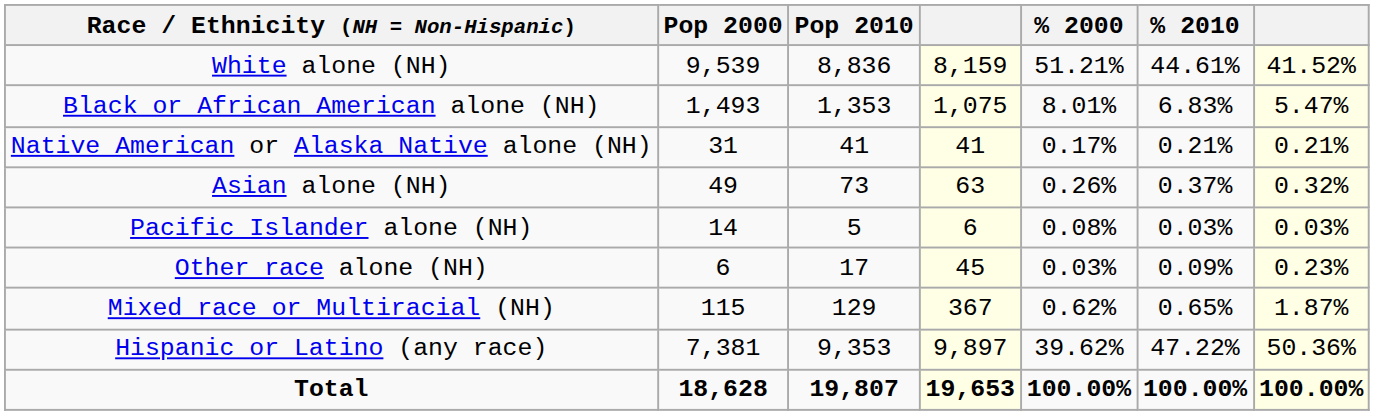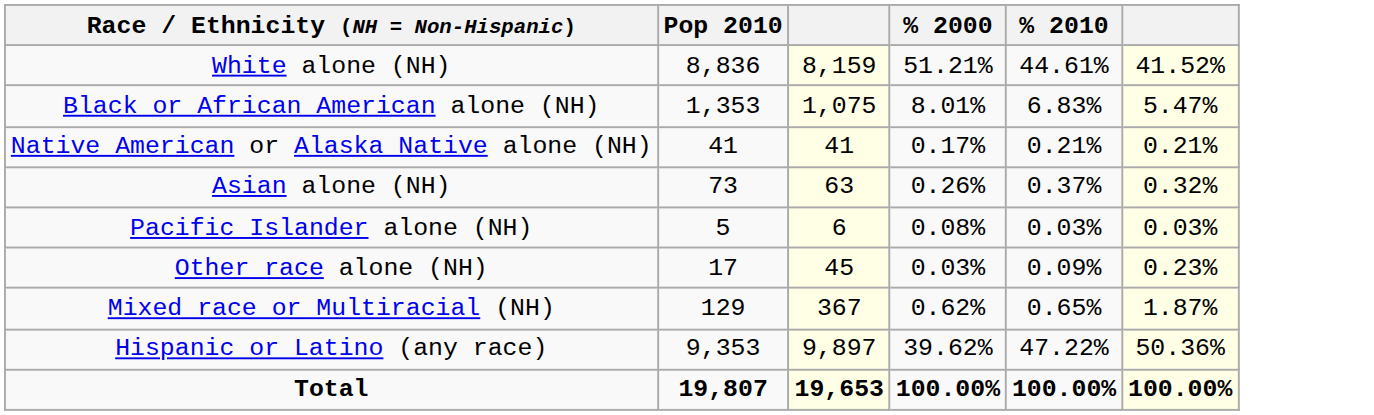 <table class="wikitable" style="text-align:center;">
 <tr>
 <th>Race / Ethnicity <small>(<em>NH = Non-Hispanic</em>)</small></th>
-<th>Pop 2000</th>
 <th>Pop 2010</th>
 <th></th>
 <th>% 2000</th>
 <th>% 2010</th>
 <th></th>
 </tr>
 <tr>
 <td><a href='#'>White</a> alone (NH)</td>
-<td>9,539</td>
 <td>8,836</td>
 <td style='background: #ffffe6;'>8,159</td>
 <td>51.21%</td>
 <td>44.61%</td>
 <td style='background: #ffffe6;'>41.52%</td>
 </tr>
 <tr>
 <td><a href='#'>Black or African American</a> alone (NH)</td>
-<td>1,493</td>
 <td>1,353</td>
 <td style='background: #ffffe6;'>1,075</td>
 <td>8.01%</td>
 <td>6.83%</td>
 <td style='background: #ffffe6;'>5.47%</td>
 </tr>
 <tr>
 <td><a href='#'>Native American</a> or <a href='#'>Alaska Native</a> alone (NH)</td>
-<td>31</td>
 <td>41</td>
 <td style='background: #ffffe6;'>41</td>
 <td>0.17%</td>
 <td>0.21%</td>
 <td style='background: #ffffe6;'>0.21%</td>
 </tr>
 <tr>
 <td><a href='#'>Asian</a> alone (NH)</td>
-<td>49</td>
 <td>73</td>
 <td style='background: #ffffe6;'>63</td>
 <td>0.26%</td>
 <td>0.37%</td>
 <td style='background: #ffffe6;'>0.32%</td>
 </tr>
 <tr>
 <td><a href='#'>Pacific Islander</a> alone (NH)</td>
-<td>14</td>
 <td>5</td>
 <td style='background: #ffffe6;'>6</td>
 <td>0.08%</td>
 <td>0.03%</td>
 <td style='background: #ffffe6;'>0.03%</td>
 </tr>
 <tr>
 <td><a href='#'>Other race</a> alone (NH)</td>
-<td>6</td>
 <td>17</td>
 <td style='background: #ffffe6;'>45</td>
 <td>0.03%</td>
 <td>0.09%</td>
 <td style='background: #ffffe6;'>0.23%</td>
 </tr>
 <tr>
 <td><a href='#'>Mixed race or Multiracial</a> (NH)</td>
-<td>115</td>
 <td>129</td>
 <td style='background: #ffffe6;'>367</td>
 <td>0.62%</td>
 <td>0.65%</td>
 <td style='background: #ffffe6;'>1.87%</td>
 </tr>
 <tr>
 <td><a href='#'>Hispanic or Latino</a> (any race)</td>
-<td>7,381</td>
 <td>9,353</td>
 <td style='background: #ffffe6;'>9,897</td>
 <td>39.62%</td>
 <td>47.22%</td>
 <td style='background: #ffffe6;'>50.36%</td>
 </tr>
 <tr>
 <td><strong>Total</strong></td>
-<td><strong>18,628</strong></td>
 <td><strong>19,807</strong></td>
 <td style='background: #ffffe6;'><strong>19,653</strong></td>
 <td><strong>100.00%</strong></td>
 <td><strong>100.00%</strong></td>
 <td style='background: #ffffe6;'><strong>100.00%</strong></td>
 </tr>
 </table>
